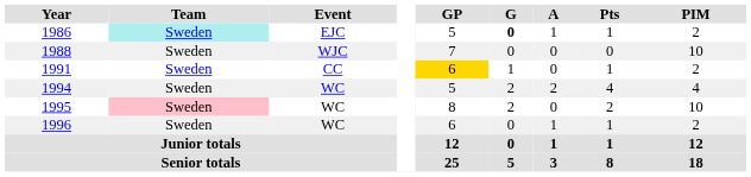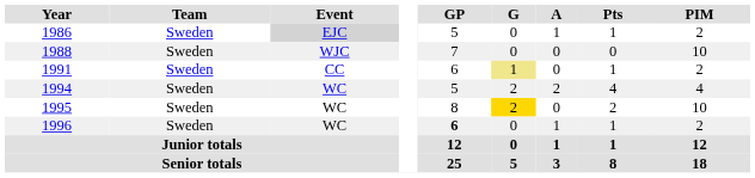 <table border="0" cellpadding="1" cellspacing="0" style="text-align:center; width:50em">
 <tr ALIGN="center" bgcolor="#e0e0e0">
 <th>Year</th>
 <th>Team</th>
 <th>Event</th>
 <th rowspan="99" bgcolor="#ffffff"> </th>
 <th>GP</th>
 <th>G</th>
 <th>A</th>
 <th>Pts</th>
 <th>PIM</th>
 </tr>
 <tr>
 <td><a href='#'>1986</a></td>
-<td style="background: paleturquoise;"><a href='#'>Sweden</a></td>
-<td><a href='#'>EJC</a></td>
+<td><a href='#'>Sweden</a></td>
+<td style="background: lightgrey;"><a href='#'>EJC</a></td>
 <td>5</td>
-<td><strong>0</strong></td>
+<td>0</td>
 <td>1</td>
 <td>1</td>
 <td>2</td>
 </tr>
 <tr bgcolor="#f0f0f0">
 <td><a href='#'>1988</a></td>
 <td>Sweden</td>
 <td><a href='#'>WJC</a></td>
 <td>7</td>
 <td>0</td>
 <td>0</td>
 <td>0</td>
 <td>10</td>
 </tr>
 <tr>
 <td><a href='#'>1991</a></td>
 <td><a href='#'>Sweden</a></td>
 <td><a href='#'>CC</a></td>
-<td style="background: gold;">6</td>
-<td>1</td>
+<td>6</td>
+<td style="background: khaki;">1</td>
 <td>0</td>
 <td>1</td>
 <td>2</td>
 </tr>
 <tr bgcolor="#f0f0f0">
 <td><a href='#'>1994</a></td>
 <td>Sweden</td>
 <td><a href='#'>WC</a></td>
 <td>5</td>
 <td>2</td>
 <td>2</td>
 <td>4</td>
 <td>4</td>
 </tr>
 <tr>
 <td><a href='#'>1995</a></td>
-<td style="background: pink;">Sweden</td>
+<td>Sweden</td>
 <td>WC</td>
 <td>8</td>
-<td>2</td>
+<td style="background: gold;">2</td>
 <td>0</td>
 <td>2</td>
 <td>10</td>
 </tr>
 <tr bgcolor="#f0f0f0">
 <td><a href='#'>1996</a></td>
 <td>Sweden</td>
 <td>WC</td>
-<td>6</td>
+<td><strong>6</strong></td>
 <td>0</td>
 <td>1</td>
 <td>1</td>
 <td>2</td>
 </tr>
 <tr bgcolor="#e0e0e0">
 <th colspan=3>Junior totals</th>
 <th>12</th>
 <th>0</th>
 <th>1</th>
 <th>1</th>
 <th>12</th>
 </tr>
 <tr bgcolor="#e0e0e0">
 <th colspan=3>Senior totals</th>
 <th>25</th>
 <th>5</th>
 <th>3</th>
 <th>8</th>
 <th>18</th>
 </tr>
 </table>
